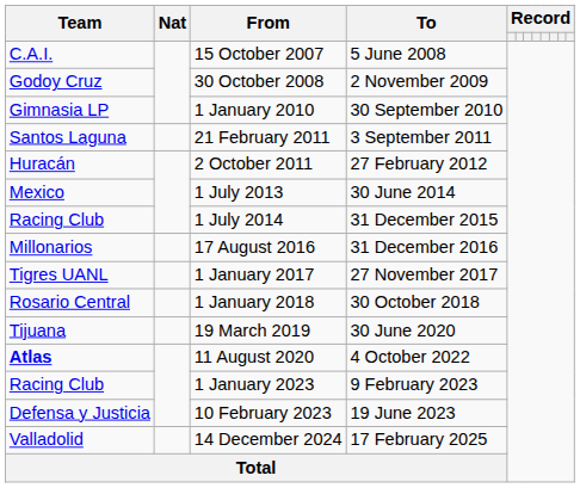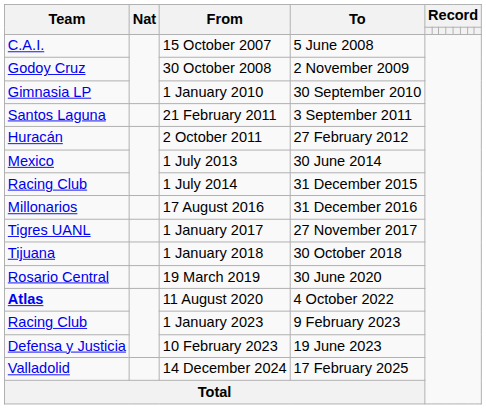 <table class="wikitable" style="text-align: center">
 <tr>
 <th rowspan="2">Team</th>
 <th rowspan="2">Nat</th>
 <th rowspan="2">From</th>
 <th rowspan="2">To</th>
 <th colspan="8">Record</th>
 </tr>
 <tr>
 <th></th>
 <th></th>
 <th></th>
 <th></th>
 <th></th>
 <th></th>
 <th></th>
 <th></th>
 </tr>
 <tr>
 <td align=left><a href='#'>C.A.I.</a></td>
 <td rowspan="3"></td>
 <td align=left>15 October 2007</td>
 <td align=left>5 June 2008<br></td>
 </tr>
 <tr>
 <td align=left><a href='#'>Godoy Cruz</a></td>
 <td align=left>30 October 2008</td>
 <td align=left>2 November 2009<br></td>
 </tr>
 <tr>
 <td align=left><a href='#'>Gimnasia LP</a></td>
 <td align=left>1 January 2010</td>
 <td align=left>30 September 2010<br></td>
 </tr>
 <tr>
 <td align=left><a href='#'>Santos Laguna</a></td>
 <td></td>
 <td align=left>21 February 2011</td>
 <td align=left>3 September 2011<br></td>
 </tr>
 <tr>
 <td align=left><a href='#'>Huracán</a></td>
 <td rowspan="3"></td>
 <td align=left>2 October 2011</td>
 <td align=left>27 February 2012<br></td>
 </tr>
 <tr>
 <td align=left><a href='#'>Mexico</a></td>
 <td align=left>1 July 2013</td>
 <td align=left>30 June 2014<br></td>
 </tr>
 <tr>
 <td align=left><a href='#'>Racing Club</a></td>
 <td align=left>1 July 2014</td>
 <td align=left>31 December 2015<br></td>
 </tr>
 <tr>
 <td align=left><a href='#'>Millonarios</a></td>
 <td></td>
 <td align=left>17 August 2016</td>
 <td align=left>31 December 2016<br></td>
 </tr>
 <tr>
 <td align=left><a href='#'>Tigres UANL</a></td>
 <td></td>
 <td align=left>1 January 2017</td>
 <td align=left>27 November 2017<br></td>
 </tr>
 <tr>
-<td align=left><a href='#'>Rosario Central</a></td>
+<td align=left><a href='#'>Tijuana</a></td>
 <td></td>
 <td align=left>1 January 2018</td>
 <td align=left>30 October 2018<br></td>
 </tr>
 <tr>
-<td align=left><a href='#'>Tijuana</a></td>
+<td align=left><a href='#'>Rosario Central</a></td>
 <td></td>
 <td align=left>19 March 2019</td>
 <td align=left>30 June 2020<br></td>
 </tr>
 <tr>
 <td align=left><strong><a href='#'>Atlas</a></strong></td>
 <td rowspan="3"></td>
 <td align=left>11 August 2020</td>
 <td align=left>4 October 2022<br></td>
 </tr>
 <tr>
 <td align=left><a href='#'>Racing Club</a></td>
 <td align=left>1 January 2023</td>
 <td align=left>9 February 2023<br></td>
 </tr>
 <tr>
 <td align=left><a href='#'>Defensa y Justicia</a></td>
 <td align=left>10 February 2023</td>
 <td align=left>19 June 2023<br></td>
 </tr>
 <tr>
 <td align=left><a href='#'>Valladolid</a></td>
 <td></td>
 <td align=left>14 December 2024</td>
 <td align=left>17 February 2025<br></td>
 </tr>
 <tr align=center>
 <th colspan="4">Total<br></th>
 </tr>
 </table>
